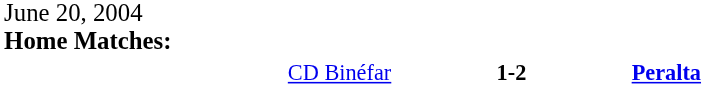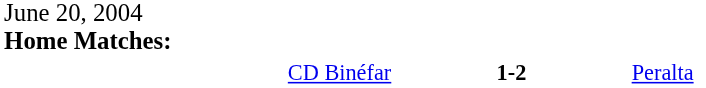 <table width=100% cellspacing=1>
 <tr>
 <th width=20%></th>
 <th width=12%></th>
 <th width=20%></th>
 <th></th>
 </tr>
 <tr>
 <td>June 20, 2004<br><strong>Home Matches:</strong></td>
 </tr>
 <tr style=font-size:90%>
 <td align=right><a href='#'>CD Binéfar</a></td>
 <td align=center><strong>1-2</strong></td>
-<td><strong><a href='#'>Peralta</a></strong></td>
+<td><a href='#'>Peralta</a></td>
 </tr>
 </table>
